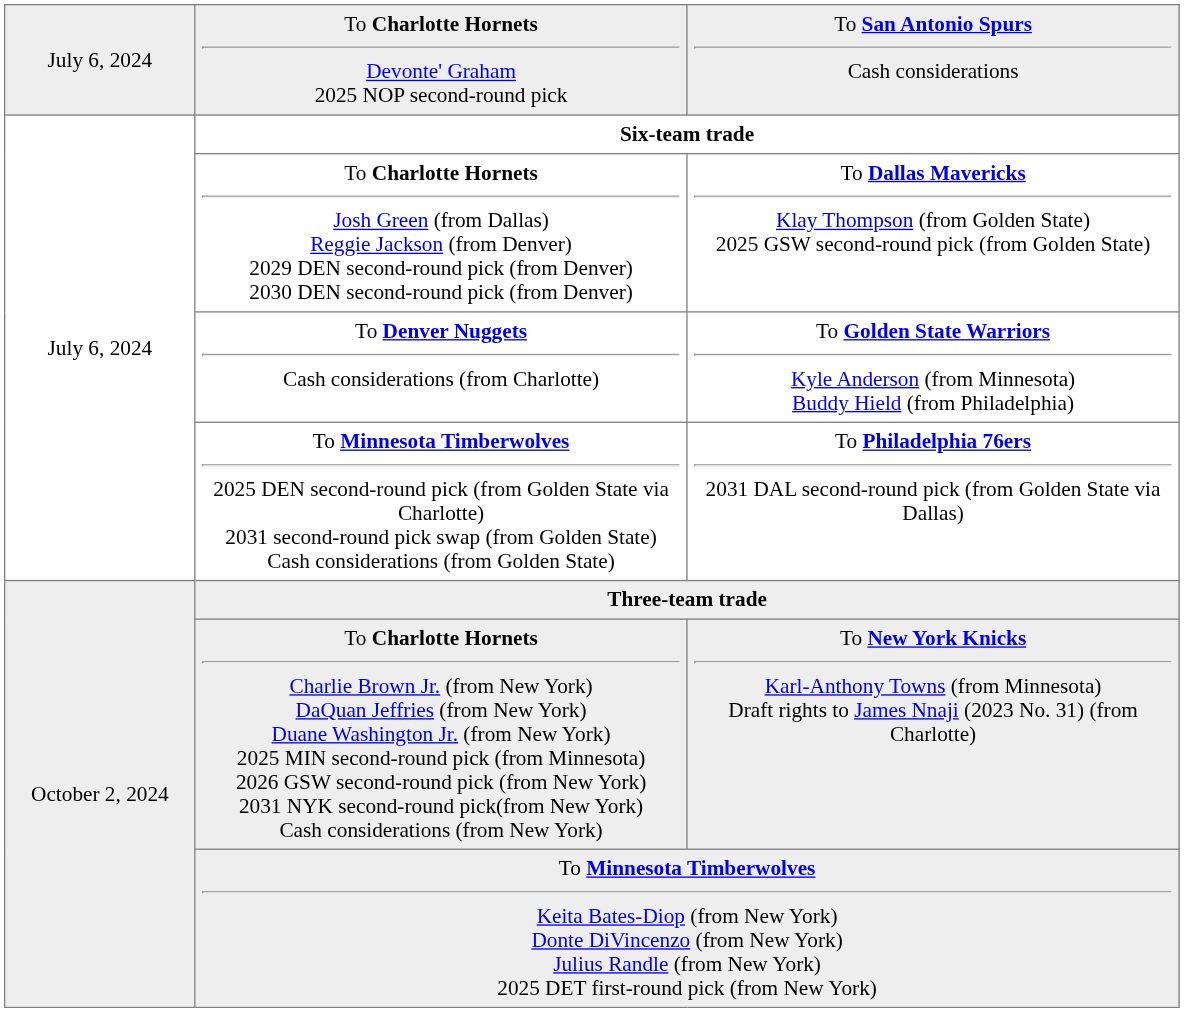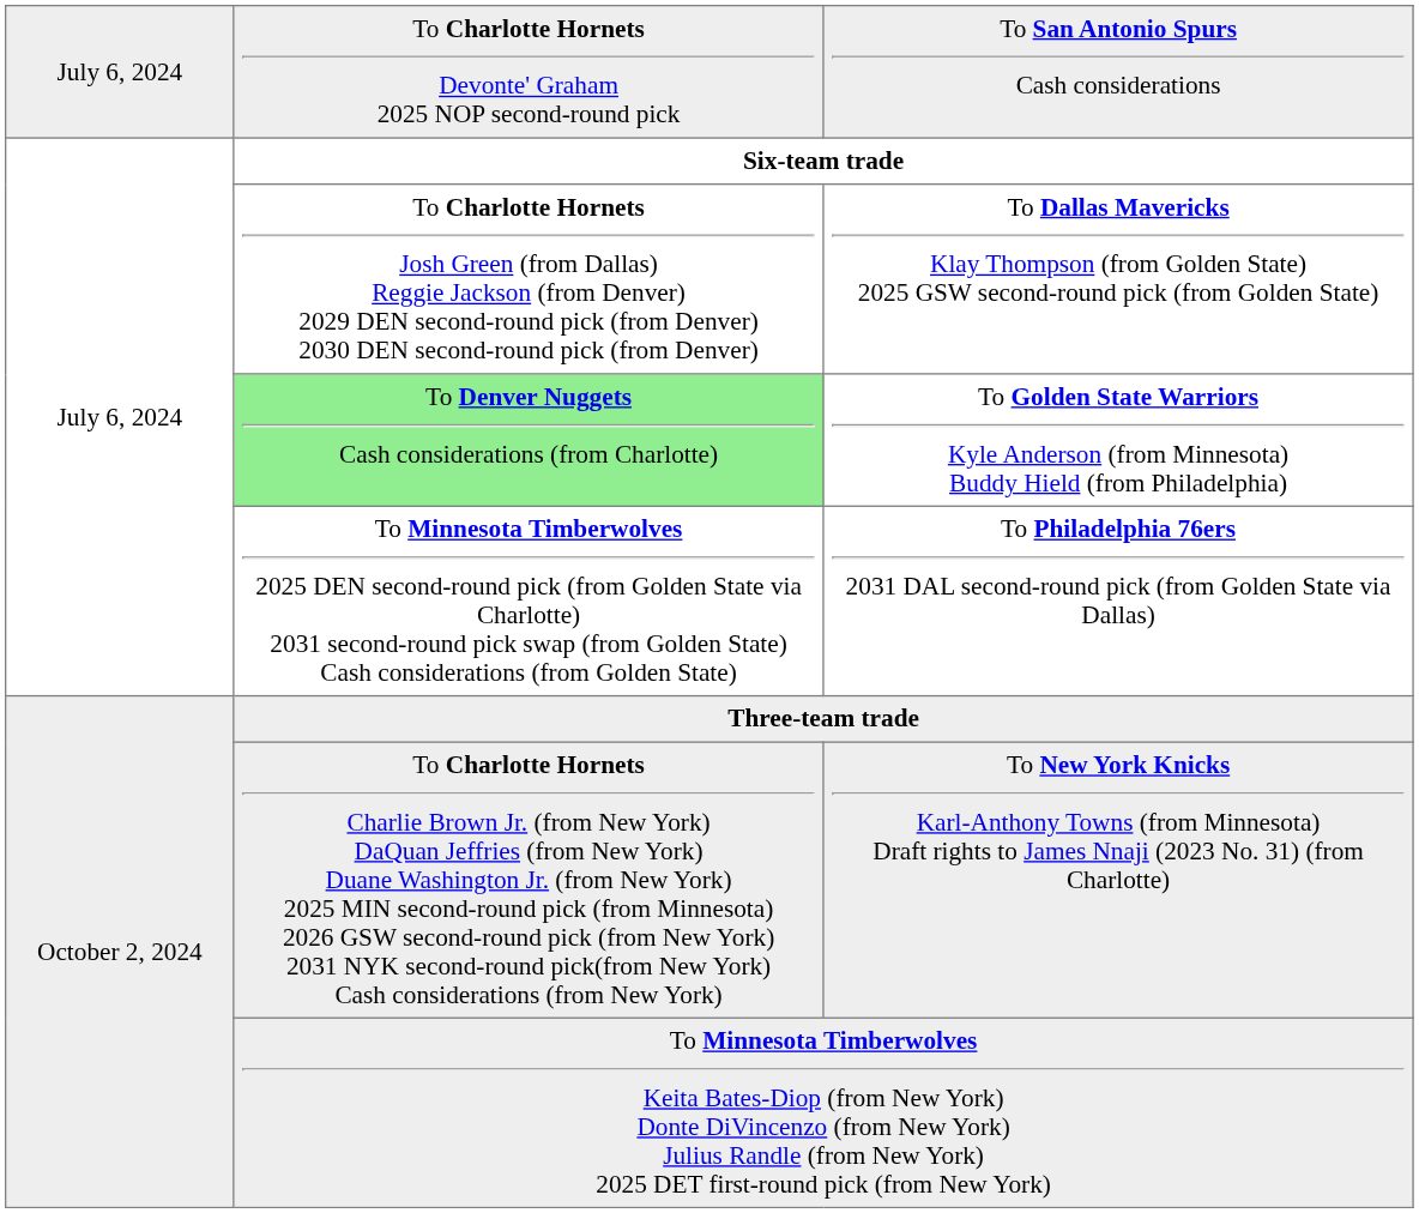 <table border="1" style="border-collapse:collapse; text-align:center; width:100%;"  cellpadding="5">
 <tr style="background:#eee;">
 <td style="width:10%">July 6, 2024</td>
 <td style="width:31%; vertical-align:top;">To <strong>Charlotte Hornets</strong><hr><a href='#'>Devonte' Graham</a><br>2025 NOP second-round pick</td>
 <td style="width:31%; vertical-align:top;">To <strong><a href='#'>San Antonio Spurs</a></strong><hr>Cash considerations</td>
 </tr>
 <tr>
 <td style="width:12%" rowspan="4">July 6, 2024</td>
 <td style="width:30%" valign="top" colspan="2"><strong>Six-team trade</strong></td>
 </tr>
 <tr>
 <td style="width:30%" valign="top">To <strong>Charlotte Hornets</strong><hr><a href='#'>Josh Green</a> (from Dallas)<br><a href='#'>Reggie Jackson</a> (from Denver)<br>2029 DEN second-round pick (from Denver)<br>2030 DEN second-round pick (from Denver)</td>
 <td style="width:30%" valign="top">To <strong><a href='#'>Dallas Mavericks</a></strong><hr><a href='#'>Klay Thompson</a> (from Golden State)<br>2025 GSW second-round pick (from Golden State)</td>
 </tr>
 <tr>
-<td style="width:30%" valign="top">To <strong><a href='#'>Denver Nuggets</a></strong><hr>Cash considerations (from Charlotte)</td>
+<td style="background: lightgreen; width:30%" valign="top">To <strong><a href='#'>Denver Nuggets</a></strong><hr>Cash considerations (from Charlotte)</td>
 <td style="width:30%" valign="top">To <strong><a href='#'>Golden State Warriors</a></strong><hr><a href='#'>Kyle Anderson</a> (from Minnesota)<br><a href='#'>Buddy Hield</a> (from Philadelphia)</td>
 </tr>
 <tr>
 <td style="width:30%" valign="top">To <strong><a href='#'>Minnesota Timberwolves</a></strong><hr>2025 DEN second-round pick (from Golden State via Charlotte)<br>2031 second-round pick swap (from Golden State)<br>Cash considerations (from Golden State)</td>
 <td style="width:30%" valign="top">To <strong><a href='#'>Philadelphia 76ers</a></strong><hr>2031 DAL second-round pick (from Golden State via Dallas)</td>
 </tr>
 <tr style="background:#eee;">
 <td rowspan=3>October 2, 2024</td>
 <td colspan=2><strong>Three-team trade</strong></td>
 </tr>
 <tr style="background:#eee;">
 <td style="width:31%; vertical-align:top;">To <strong>Charlotte Hornets</strong><hr><a href='#'>Charlie Brown Jr.</a> (from New York)<br><a href='#'>DaQuan Jeffries</a> (from New York)<br><a href='#'>Duane Washington Jr.</a> (from New York)<br>2025 MIN second-round pick (from Minnesota)<br>2026 GSW second-round pick (from New York)<br>2031 NYK second-round pick(from New York)<br>Cash considerations (from New York)</td>
 <td style="width:31%; vertical-align:top;">To <strong><a href='#'>New York Knicks</a></strong><hr><a href='#'>Karl-Anthony Towns</a> (from Minnesota)<br>Draft rights to <a href='#'>James Nnaji</a> (2023 No. 31) (from Charlotte)</td>
 </tr>
 <tr style="background:#eee;">
 <td style="width:31%; vertical-align:top;" colspan=2>To <strong><a href='#'>Minnesota Timberwolves</a></strong><hr><a href='#'>Keita Bates-Diop</a> (from New York)<br><a href='#'>Donte DiVincenzo</a> (from New York)<br><a href='#'>Julius Randle</a> (from New York)<br>2025 DET first-round pick (from New York)</td>
 </tr>
 </table>
